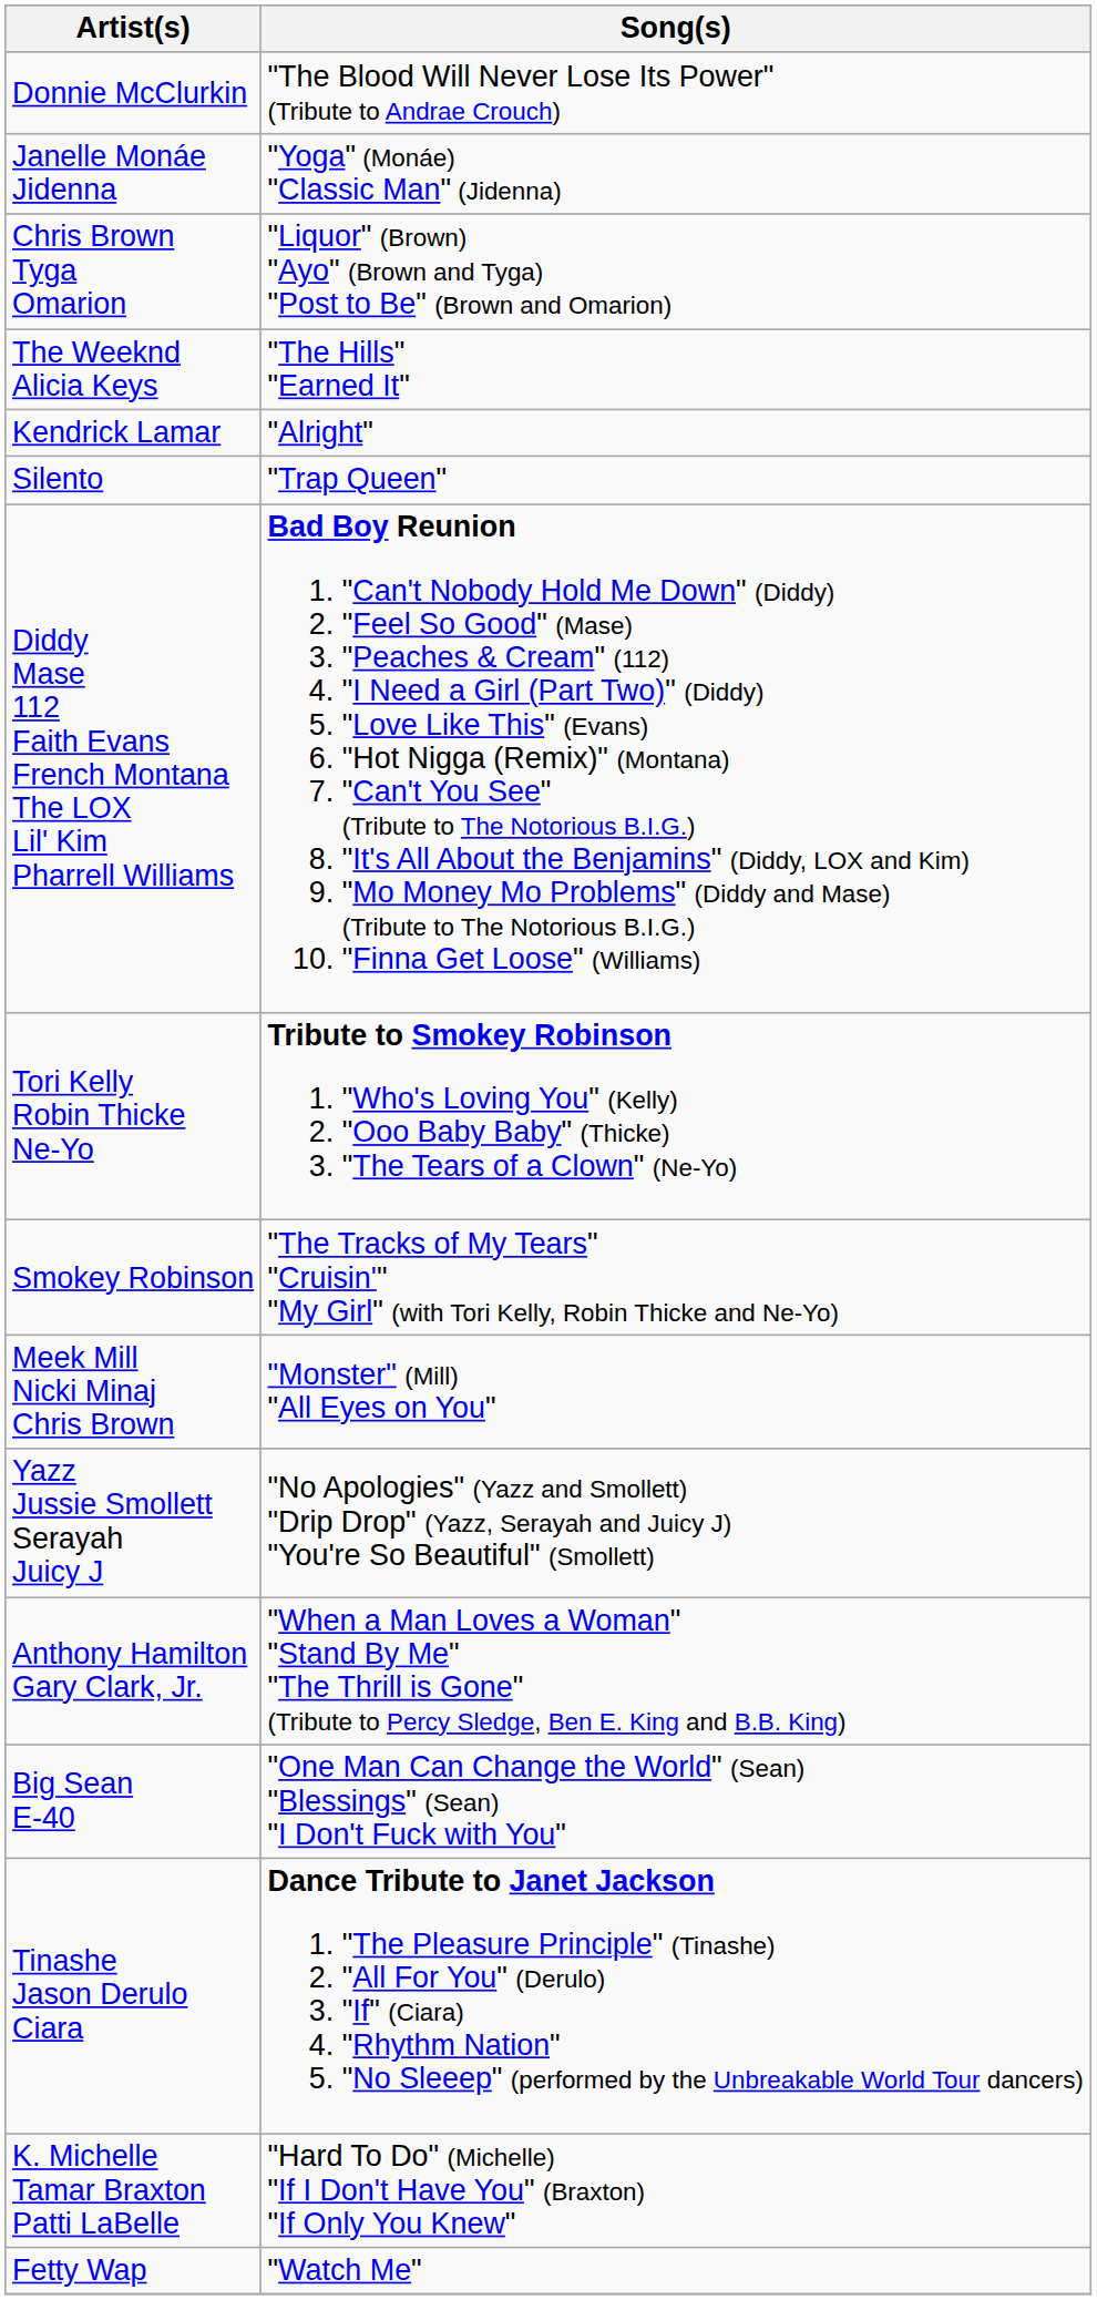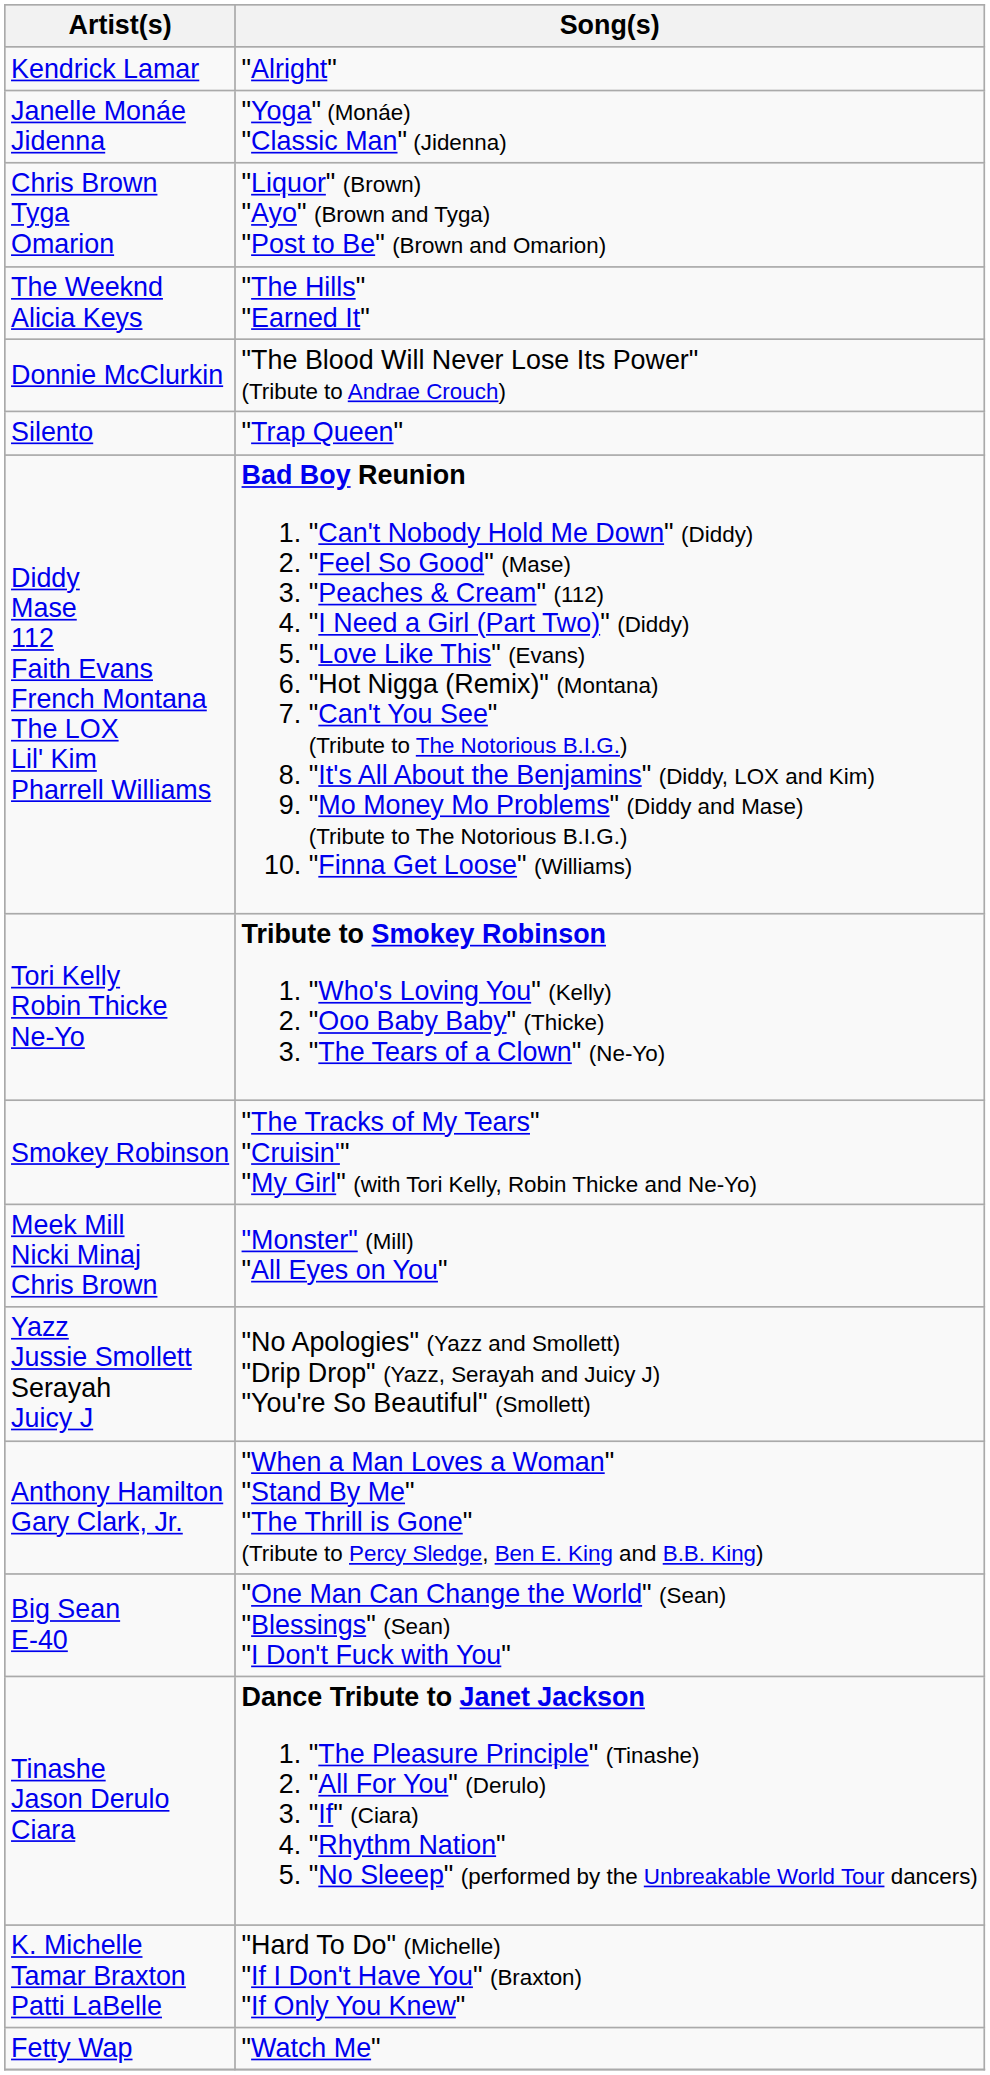 <table class="wikitable">
 <tr>
 <th>Artist(s)</th>
 <th>Song(s)</th>
 </tr>
 <tr>
-<td><a href='#'>Donnie McClurkin</a></td>
-<td>"The Blood Will Never Lose Its Power"<br><small>(Tribute to <a href='#'>Andrae Crouch</a>)<br></small></td>
+<td><a href='#'>Kendrick Lamar</a></td>
+<td>"<a href='#'>Alright</a>"</td>
 </tr>
 <tr>
 <td><a href='#'>Janelle Monáe</a><br><a href='#'>Jidenna</a></td>
 <td>"<a href='#'>Yoga</a>"<small> (Monáe)</small><br>"<a href='#'>Classic Man</a>"<small> (Jidenna)</small></td>
 </tr>
 <tr>
 <td><a href='#'>Chris Brown</a><br><a href='#'>Tyga</a><br><a href='#'>Omarion</a></td>
 <td>"<a href='#'>Liquor</a>" <small>(Brown)</small><br>"<a href='#'>Ayo</a>" <small>(Brown and Tyga)</small><br>"<a href='#'>Post to Be</a>" <small>(Brown and Omarion)</small></td>
 </tr>
 <tr>
 <td><a href='#'>The Weeknd</a><br><a href='#'>Alicia Keys</a></td>
 <td>"<a href='#'>The Hills</a>"<br>"<a href='#'>Earned It</a>"</td>
 </tr>
 <tr>
-<td><a href='#'>Kendrick Lamar</a></td>
-<td>"<a href='#'>Alright</a>"</td>
+<td><a href='#'>Donnie McClurkin</a></td>
+<td>"The Blood Will Never Lose Its Power"<br><small>(Tribute to <a href='#'>Andrae Crouch</a>)<br></small></td>
 </tr>
 <tr>
 <td><a href='#'>Silento</a></td>
 <td>"<a href='#'>Trap Queen</a>"</td>
 </tr>
 <tr>
 <td><a href='#'>Diddy</a><br><a href='#'>Mase</a><br><a href='#'>112</a><br><a href='#'>Faith Evans</a><br><a href='#'>French Montana</a><br><a href='#'>The LOX</a><br><a href='#'>Lil' Kim</a><br><a href='#'>Pharrell Williams</a></td>
 <td><strong><a href='#'>Bad Boy</a> Reunion</strong><br><ol><li>"<a href='#'>Can't Nobody Hold Me Down</a>" <small>(Diddy)</small></li><li>"<a href='#'>Feel So Good</a>" <small>(Mase)</small></li><li>"<a href='#'>Peaches & Cream</a>" <small>(112)</small></li><li>"<a href='#'>I Need a Girl (Part Two)</a>" <small>(Diddy)</small></li><li>"<a href='#'>Love Like This</a>" <small>(Evans)</small></li><li>"Hot Nigga (Remix)" <small>(Montana)</small></li><li>"<a href='#'>Can't You See</a>"<br><small>(Tribute to <a href='#'>The Notorious B.I.G.</a>)<br></small></li><li>"<a href='#'>It's All About the Benjamins</a>" <small>(Diddy, LOX and Kim)</small></li><li>"<a href='#'>Mo Money Mo Problems</a>" <small>(Diddy and Mase)</small><br><small>(Tribute to The Notorious B.I.G.)<br></small></li><li>"<a href='#'>Finna Get Loose</a>" <small>(Williams)</small></li></ol></td>
 </tr>
 <tr>
 <td><a href='#'>Tori Kelly</a><br><a href='#'>Robin Thicke</a><br><a href='#'>Ne-Yo</a></td>
 <td><strong>Tribute to <a href='#'>Smokey Robinson</a></strong><br><ol><li>"<a href='#'>Who's Loving You</a>" <small>(Kelly)</small></li><li>"<a href='#'>Ooo Baby Baby</a>" <small>(Thicke)</small></li><li>"<a href='#'>The Tears of a Clown</a>" <small>(Ne-Yo)</small></li></ol></td>
 </tr>
 <tr>
 <td><a href='#'>Smokey Robinson</a></td>
 <td>"<a href='#'>The Tracks of My Tears</a>"<br>"<a href='#'>Cruisin'</a>"<br>"<a href='#'>My Girl</a>" <small>(with Tori Kelly, Robin Thicke and Ne-Yo)</small></td>
 </tr>
 <tr>
 <td><a href='#'>Meek Mill</a><br><a href='#'>Nicki Minaj</a><br><a href='#'>Chris Brown</a></td>
 <td><a href='#'>"Monster"</a> <small>(Mill)</small><br>"<a href='#'>All Eyes on You</a>"</td>
 </tr>
 <tr>
 <td><a href='#'>Yazz</a><br><a href='#'>Jussie Smollett</a><br>Serayah<br><a href='#'>Juicy J</a></td>
 <td>"No Apologies" <small>(Yazz and Smollett)</small><br>"Drip Drop" <small>(Yazz, Serayah and Juicy J)</small><br>"You're So Beautiful" <small>(Smollett)</small></td>
 </tr>
 <tr>
 <td><a href='#'>Anthony Hamilton</a><br><a href='#'>Gary Clark, Jr.</a></td>
 <td>"<a href='#'>When a Man Loves a Woman</a>"<br>"<a href='#'>Stand By Me</a>"<br>"<a href='#'>The Thrill is Gone</a>"<br><small>(Tribute to <a href='#'>Percy Sledge</a>, <a href='#'>Ben E. King</a> and <a href='#'>B.B. King</a>)<br></small></td>
 </tr>
 <tr>
 <td><a href='#'>Big Sean</a><br><a href='#'>E-40</a></td>
 <td>"<a href='#'>One Man Can Change the World</a>" <small>(Sean)</small><br>"<a href='#'>Blessings</a>" <small>(Sean)</small><br>"<a href='#'>I Don't Fuck with You</a>"</td>
 </tr>
 <tr>
 <td><a href='#'>Tinashe</a><br><a href='#'>Jason Derulo</a><br><a href='#'>Ciara</a></td>
 <td><strong>Dance Tribute to <a href='#'>Janet Jackson</a></strong><br><ol><li>"<a href='#'>The Pleasure Principle</a>" <small>(Tinashe)</small></li><li>"<a href='#'>All For You</a>" <small>(Derulo)</small></li><li>"<a href='#'>If</a>" <small>(Ciara)</small></li><li>"<a href='#'>Rhythm Nation</a>"</li><li>"<a href='#'>No Sleeep</a>" <small>(performed by the <a href='#'>Unbreakable World Tour</a> dancers)</small> </li></ol></td>
 </tr>
 <tr>
 <td><a href='#'>K. Michelle</a><br><a href='#'>Tamar Braxton</a><br><a href='#'>Patti LaBelle</a></td>
 <td>"Hard To Do" <small>(Michelle)</small><br>"<a href='#'>If I Don't Have You</a>" <small>(Braxton)</small><br>"<a href='#'>If Only You Knew</a>"</td>
 </tr>
 <tr>
 <td><a href='#'>Fetty Wap</a></td>
 <td>"<a href='#'>Watch Me</a>"</td>
 </tr>
 <tr>
 </tr>
 </table>
